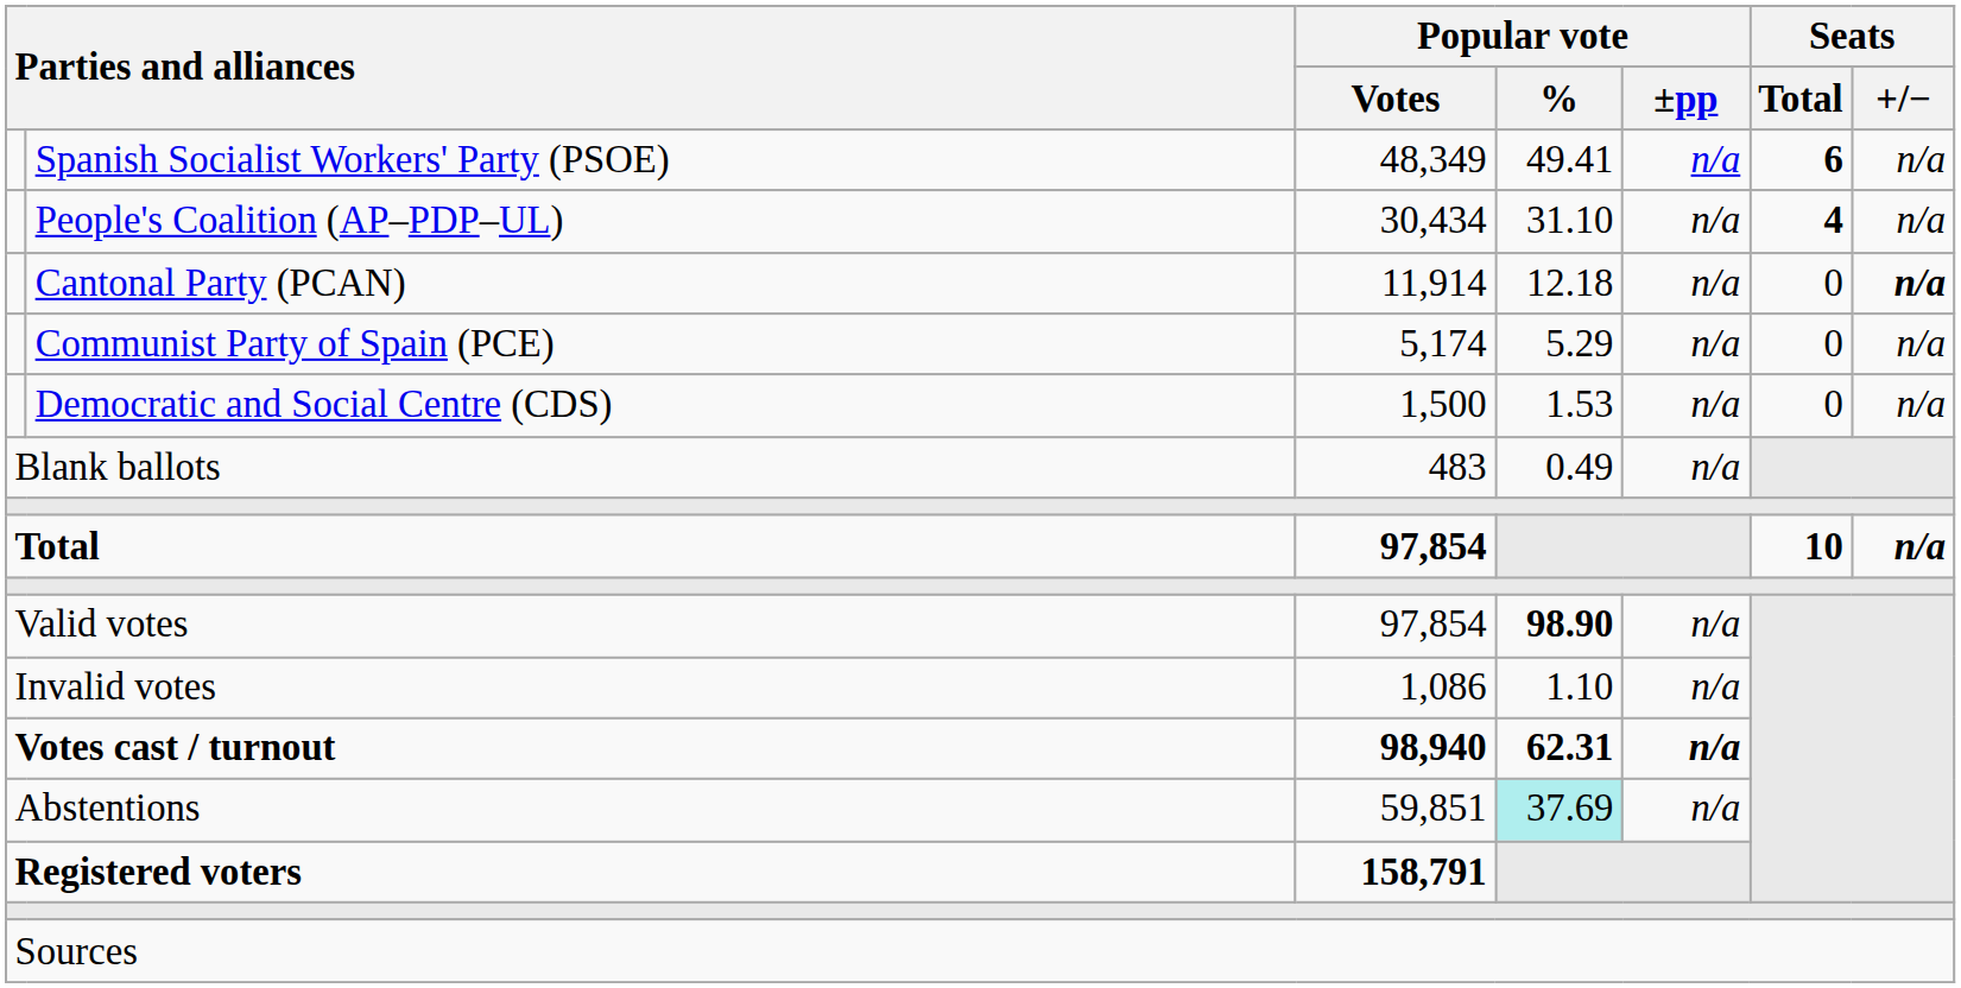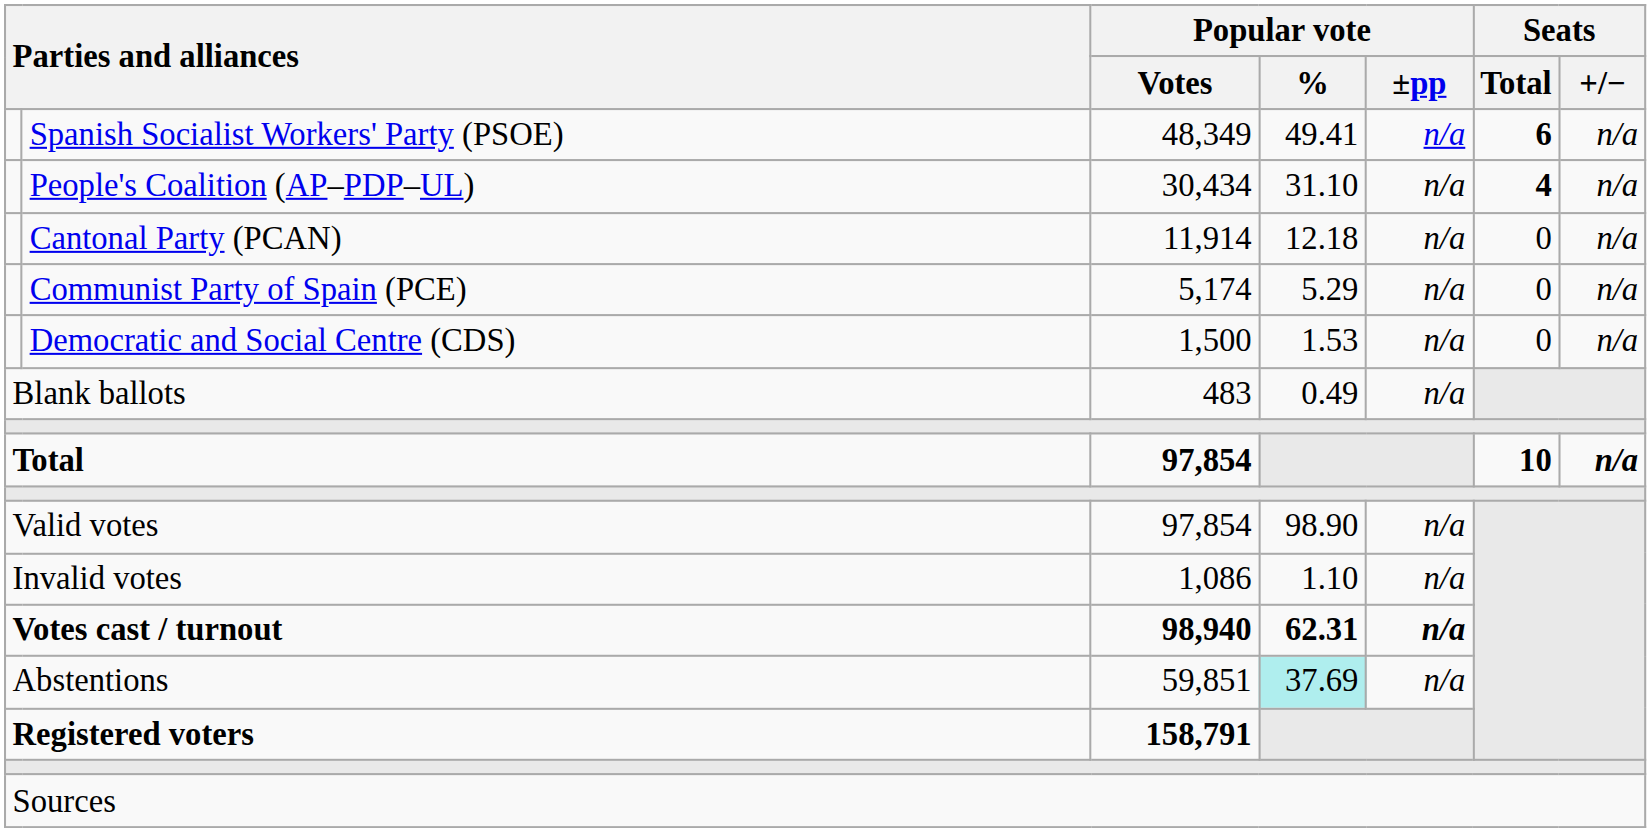 <table class="wikitable" style="text-align:right;">
 <tr>
 <th style="text-align:left;" rowspan="2" colspan="2" width="525">Parties and alliances</th>
 <th colspan="3">Popular vote</th>
 <th colspan="2">Seats</th>
 </tr>
 <tr>
 <th width="75">Votes</th>
 <th width="45">%</th>
 <th width="45">±<a href='#'>pp</a></th>
 <th width="35">Total</th>
 <th width="35">+/−</th>
 </tr>
 <tr>
 <td width="1" style="color:inherit;background:"></td>
 <td align="left"><a href='#'>Spanish Socialist Workers' Party</a> (PSOE)</td>
 <td>48,349</td>
 <td>49.41</td>
 <td><em><a href='#'>n/a</a></em></td>
 <td><strong>6</strong></td>
 <td><em>n/a</em></td>
 </tr>
 <tr>
 <td style="color:inherit;background:"></td>
 <td align="left"><a href='#'>People's Coalition</a> (<a href='#'>AP</a>–<a href='#'>PDP</a>–<a href='#'>UL</a>)</td>
 <td>30,434</td>
 <td>31.10</td>
 <td><em>n/a</em></td>
 <td><strong>4</strong></td>
 <td><em>n/a</em></td>
 </tr>
 <tr>
 <td style="color:inherit;background:"></td>
 <td align="left"><a href='#'>Cantonal Party</a> (PCAN)</td>
 <td>11,914</td>
 <td>12.18</td>
 <td><em>n/a</em></td>
 <td>0</td>
-<td><strong><em>n/a</em></strong></td>
+<td><em>n/a</em></td>
 </tr>
 <tr>
 <td style="color:inherit;background:"></td>
 <td align="left"><a href='#'>Communist Party of Spain</a> (PCE)</td>
 <td>5,174</td>
 <td>5.29</td>
 <td><em>n/a</em></td>
 <td>0</td>
 <td><em>n/a</em></td>
 </tr>
 <tr>
 <td style="color:inherit;background:"></td>
 <td align="left"><a href='#'>Democratic and Social Centre</a> (CDS)</td>
 <td>1,500</td>
 <td>1.53</td>
 <td><em>n/a</em></td>
 <td>0</td>
 <td><em>n/a</em></td>
 </tr>
 <tr>
 <td align="left" colspan="2">Blank ballots</td>
 <td>483</td>
 <td>0.49</td>
 <td><em>n/a</em></td>
 <td bgcolor="#E9E9E9" colspan="2"></td>
 </tr>
 <tr>
 <td colspan="7" bgcolor="#E9E9E9"></td>
 </tr>
 <tr style="font-weight:bold;">
 <td align="left" colspan="2">Total</td>
 <td>97,854</td>
 <td bgcolor="#E9E9E9" colspan="2"></td>
 <td>10</td>
 <td><em>n/a</em></td>
 </tr>
 <tr>
 <td colspan="7" bgcolor="#E9E9E9"></td>
 </tr>
 <tr>
 <td align="left" colspan="2">Valid votes</td>
 <td>97,854</td>
-<td><strong>98.90</strong></td>
+<td>98.90</td>
 <td><em>n/a</em></td>
 <td bgcolor="#E9E9E9" colspan="2" rowspan="5"></td>
 </tr>
 <tr>
 <td align="left" colspan="2">Invalid votes</td>
 <td>1,086</td>
 <td>1.10</td>
 <td><em>n/a</em></td>
 </tr>
 <tr style="font-weight:bold;">
 <td align="left" colspan="2">Votes cast / turnout</td>
 <td>98,940</td>
 <td>62.31</td>
 <td><em>n/a</em></td>
 </tr>
 <tr>
 <td align="left" colspan="2">Abstentions</td>
 <td>59,851</td>
 <td style="background: paleturquoise;">37.69</td>
 <td><em>n/a</em></td>
 </tr>
 <tr style="font-weight:bold;">
 <td align="left" colspan="2">Registered voters</td>
 <td>158,791</td>
 <td bgcolor="#E9E9E9" colspan="2"></td>
 </tr>
 <tr>
 <td colspan="7" bgcolor="#E9E9E9"></td>
 </tr>
 <tr>
 <td align="left" colspan="7">Sources</td>
 </tr>
 </table>
